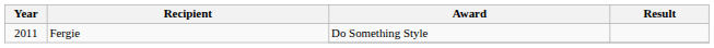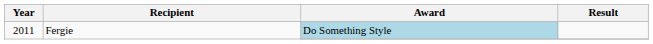 <table style="width: 75%;" class="wikitable">
 <tr>
 <th style="width:6%;"><strong>Year</strong></th>
 <th style="width:40%;"><strong>Recipient</strong></th>
 <th style="width:40%;"><strong>Award</strong></th>
 <th style="width:14%;"><strong>Result</strong></th>
 </tr>
 <tr>
 <td rowspan="2" style="text-align:center;">2011</td>
 <td rowspan="2" style="text-align:left;">Fergie</td>
-<td>Do Something Style</td>
+<td style="background: lightblue;">Do Something Style</td>
 <td></td>
 </tr>
 <tr>
 </tr>
 </table>
